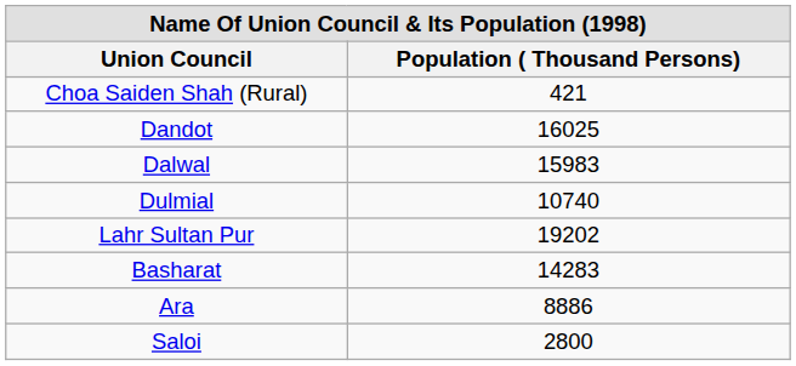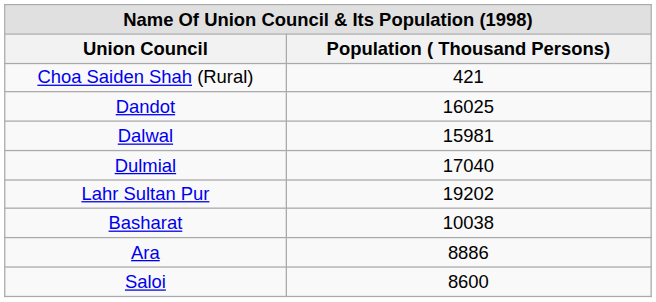 <table class="wikitable" style="margin:auto; font-size:90%; align:center; text-align:center; width:40%">
 <tr>
 <td colspan=12 bgcolor="#E0E0E0"><strong>Name Of Union Council & Its Population (1998)</strong></td>
 </tr>
 <tr>
 <th>Union Council</th>
 <th>Population ( Thousand Persons)</th>
 </tr>
 <tr>
 <td><a href='#'>Choa Saiden Shah</a> (Rural)</td>
 <td>421</td>
 </tr>
 <tr>
 <td><a href='#'>Dandot</a></td>
 <td>16025</td>
 </tr>
 <tr>
 <td><a href='#'>Dalwal</a></td>
-<td>15983</td>
+<td>15981</td>
 </tr>
 <tr>
 <td><a href='#'>Dulmial</a></td>
-<td>10740</td>
+<td>17040</td>
 </tr>
 <tr>
 <td><a href='#'>Lahr Sultan Pur</a></td>
 <td>19202</td>
 </tr>
 <tr>
 <td><a href='#'>Basharat</a></td>
-<td>14283</td>
+<td>10038</td>
 </tr>
 <tr>
 <td><a href='#'>Ara</a></td>
 <td>8886</td>
 </tr>
 <tr>
 <td><a href='#'>Saloi</a></td>
-<td>2800</td>
+<td>8600</td>
 </tr>
 </table>
